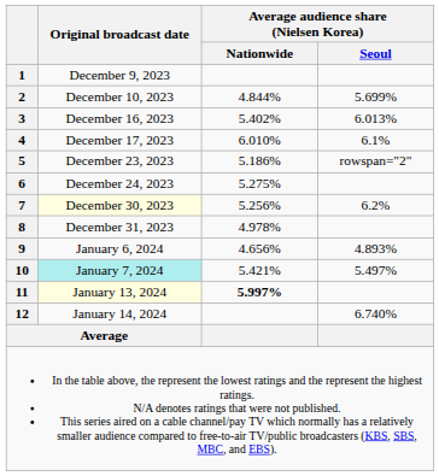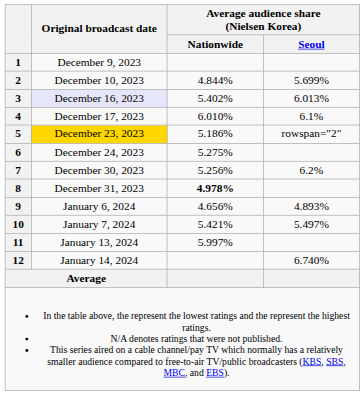 <table class="wikitable" style="margin-left:auto; margin-right:auto; width:500px; text-align:center">
 <tr>
 <th scope="col" rowspan="2"></th>
 <th scope="col" rowspan="2">Original broadcast date</th>
 <th scope="col" colspan="2">Average audience share<br>(Nielsen Korea)</th>
 </tr>
 <tr>
 <th scope="col" style="width:8em">Nationwide</th>
 <th scope="col" style="width:8em"><a href='#'>Seoul</a></th>
 </tr>
 <tr>
 <th scope="row">1</th>
 <td>December 9, 2023</td>
 <td><strong></strong> </td>
 <td><strong></strong> </td>
 </tr>
 <tr>
 <th scope="row">2</th>
 <td>December 10, 2023</td>
 <td>4.844% </td>
 <td>5.699% </td>
 </tr>
 <tr>
 <th scope="row">3</th>
-<td>December 16, 2023</td>
+<td style="background: lavender;">December 16, 2023</td>
 <td>5.402% </td>
 <td>6.013% </td>
 </tr>
 <tr>
 <th scope="row">4</th>
 <td>December 17, 2023</td>
 <td>6.010% </td>
 <td>6.1%</td>
 </tr>
 <tr>
 <th scope="row">5</th>
-<td>December 23, 2023</td>
+<td style="background: gold;">December 23, 2023</td>
 <td>5.186% </td>
 <td>rowspan="2" </td>
 </tr>
 <tr>
 <th scope="row">6</th>
 <td>December 24, 2023</td>
 <td>5.275% </td>
 </tr>
 <tr>
 <th scope="row">7</th>
-<td style="background: lightyellow;">December 30, 2023</td>
+<td>December 30, 2023</td>
 <td>5.256% </td>
 <td>6.2%</td>
 </tr>
 <tr>
 <th scope="row">8</th>
 <td>December 31, 2023</td>
-<td>4.978% </td>
+<td><strong>4.978% </strong></td>
 <td></td>
 </tr>
 <tr>
 <th scope="row">9</th>
 <td>January 6, 2024</td>
 <td>4.656% </td>
 <td>4.893% </td>
 </tr>
 <tr>
 <th scope="row">10</th>
-<td style="background: paleturquoise;">January 7, 2024</td>
+<td>January 7, 2024</td>
 <td>5.421% </td>
 <td>5.497% </td>
 </tr>
 <tr>
 <th scope="row">11</th>
-<td style="background: lightyellow;">January 13, 2024</td>
-<td><strong>5.997% </strong></td>
+<td>January 13, 2024</td>
+<td>5.997% </td>
 <td><strong></strong> </td>
 </tr>
 <tr>
 <th scope="row">12</th>
 <td>January 14, 2024</td>
 <td><strong></strong> </td>
 <td>6.740% </td>
 </tr>
 <tr>
 <th scope="col" colspan="2">Average</th>
 <th scope="col"></th>
 <th scope="col"></th>
 </tr>
 <tr>
 <td colspan="4" style="font-size:85%"><br><ul><li>In the table above, the <strong></strong> represent the lowest ratings and the <strong></strong> represent the highest ratings.</li><li>N/A denotes ratings that were not published.</li><li>This series aired on a cable channel/pay TV which normally has a relatively smaller audience compared to free-to-air TV/public broadcasters (<a href='#'>KBS</a>, <a href='#'>SBS</a>, <a href='#'>MBC</a>, and <a href='#'>EBS</a>).</li></ul></td>
 </tr>
 </table>
